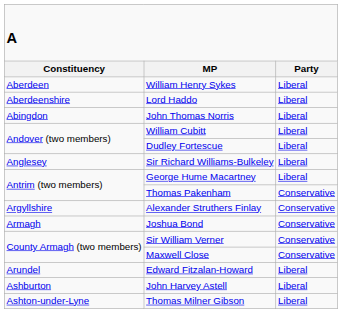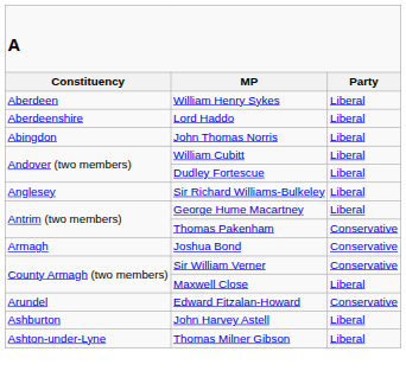 <table class="wikitable" id="elected-mps">
 <tr>
 <td colspan="3"><br><h2>A</h2></td>
 </tr>
 <tr>
 <th>Constituency</th>
 <th>MP</th>
 <th>Party</th>
 </tr>
 <tr>
 <td><a href='#'>Aberdeen</a></td>
 <td><a href='#'>William Henry Sykes</a></td>
 <td><a href='#'>Liberal</a></td>
 </tr>
 <tr>
 <td><a href='#'>Aberdeenshire</a></td>
 <td><a href='#'>Lord Haddo</a></td>
 <td><a href='#'>Liberal</a></td>
 </tr>
 <tr>
 <td><a href='#'>Abingdon</a></td>
 <td><a href='#'>John Thomas Norris</a></td>
 <td><a href='#'>Liberal</a></td>
 </tr>
 <tr>
 <td rowspan="2"><a href='#'>Andover</a> (two members)</td>
 <td><a href='#'>William Cubitt</a></td>
 <td><a href='#'>Liberal</a></td>
 </tr>
 <tr>
 <td><a href='#'>Dudley Fortescue</a></td>
 <td><a href='#'>Liberal</a></td>
 </tr>
 <tr>
 <td><a href='#'>Anglesey</a></td>
 <td><a href='#'>Sir Richard Williams-Bulkeley</a></td>
 <td><a href='#'>Liberal</a></td>
 </tr>
 <tr>
 <td rowspan="2"><a href='#'>Antrim</a> (two members)</td>
 <td><a href='#'>George Hume Macartney</a></td>
 <td><a href='#'>Liberal</a></td>
 </tr>
 <tr>
 <td><a href='#'>Thomas Pakenham</a></td>
 <td><a href='#'>Conservative</a></td>
 </tr>
 <tr>
-<td><a href='#'>Argyllshire</a></td>
-<td><a href='#'>Alexander Struthers Finlay</a></td>
-<td><a href='#'>Conservative</a></td>
-</tr>
-<tr>
 <td><a href='#'>Armagh</a></td>
 <td><a href='#'>Joshua Bond</a></td>
 <td><a href='#'>Conservative</a></td>
 </tr>
 <tr>
 <td rowspan="2"><a href='#'>County Armagh</a> (two members)</td>
 <td><a href='#'>Sir William Verner</a></td>
 <td><a href='#'>Conservative</a></td>
 </tr>
 <tr>
 <td><a href='#'>Maxwell Close</a></td>
-<td><a href='#'>Conservative</a></td>
+<td><a href='#'>Liberal</a></td>
 </tr>
 <tr>
 <td><a href='#'>Arundel</a></td>
 <td><a href='#'>Edward Fitzalan-Howard</a></td>
-<td><a href='#'>Liberal</a></td>
+<td><a href='#'>Conservative</a></td>
 </tr>
 <tr>
 <td><a href='#'>Ashburton</a></td>
 <td><a href='#'>John Harvey Astell</a></td>
 <td><a href='#'>Liberal</a></td>
 </tr>
 <tr>
 <td><a href='#'>Ashton-under-Lyne</a></td>
 <td><a href='#'>Thomas Milner Gibson</a></td>
 <td><a href='#'>Liberal</a></td>
 </tr>
 </table>
